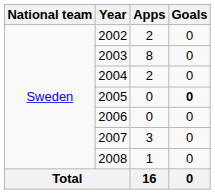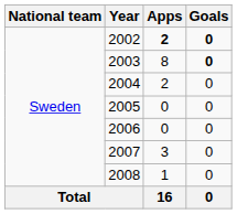 <table class="wikitable" style="text-align:center">
 <tr>
 <th>National team</th>
 <th>Year</th>
 <th>Apps</th>
 <th>Goals</th>
 </tr>
 <tr>
 <td rowspan="7"><a href='#'>Sweden</a></td>
 <td>2002</td>
-<td>2</td>
-<td>0</td>
+<td><strong>2</strong></td>
+<td><strong>0</strong></td>
 </tr>
 <tr>
 <td>2003</td>
 <td>8</td>
-<td>0</td>
+<td><strong>0</strong></td>
 </tr>
 <tr>
 <td>2004</td>
 <td>2</td>
 <td>0</td>
 </tr>
 <tr>
 <td>2005</td>
 <td>0</td>
-<td><strong>0</strong></td>
+<td>0</td>
 </tr>
 <tr>
 <td>2006</td>
 <td>0</td>
 <td>0</td>
 </tr>
 <tr>
 <td>2007</td>
 <td>3</td>
 <td>0</td>
 </tr>
 <tr>
 <td>2008</td>
 <td>1</td>
 <td>0</td>
 </tr>
 <tr>
 <th colspan="2">Total</th>
 <th>16</th>
 <th>0</th>
 </tr>
 </table>
